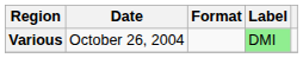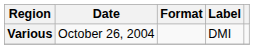 <table class="wikitable plainrowheaders">
 <tr>
 <th scope="col">Region</th>
 <th scope="col">Date</th>
 <th scope="col">Format</th>
 <th scope="col">Label</th>
 <th scope="col"></th>
 </tr>
 <tr>
 <th scope="row">Various</th>
 <td>October 26, 2004</td>
 <td></td>
-<td style="background: lightgreen;">DMI</td>
+<td>DMI</td>
 <td style="text-align:center;"></td>
 </tr>
 <tr>
 </tr>
 </table>
